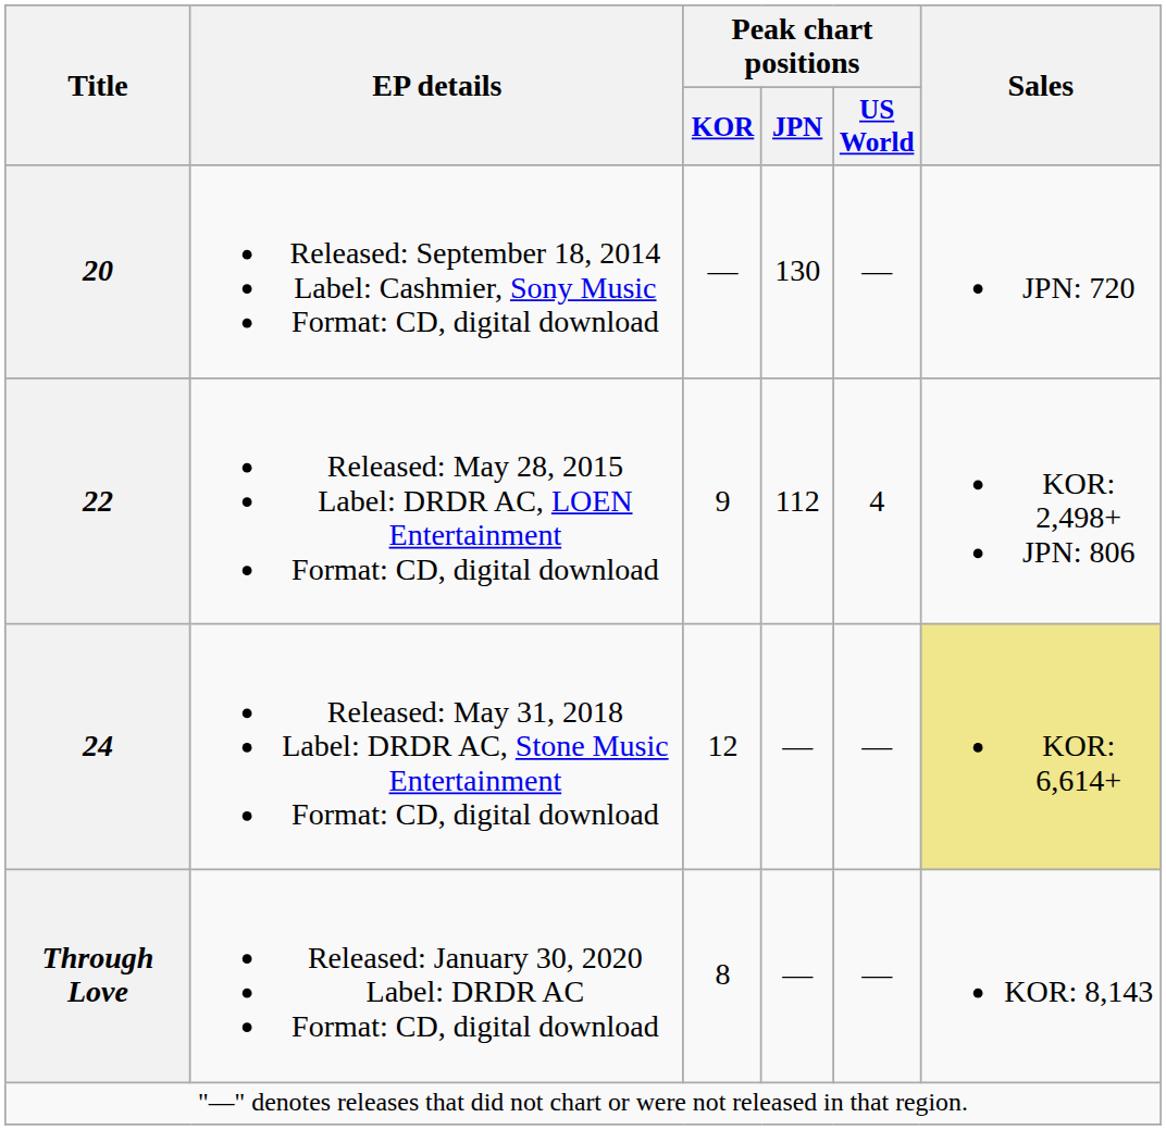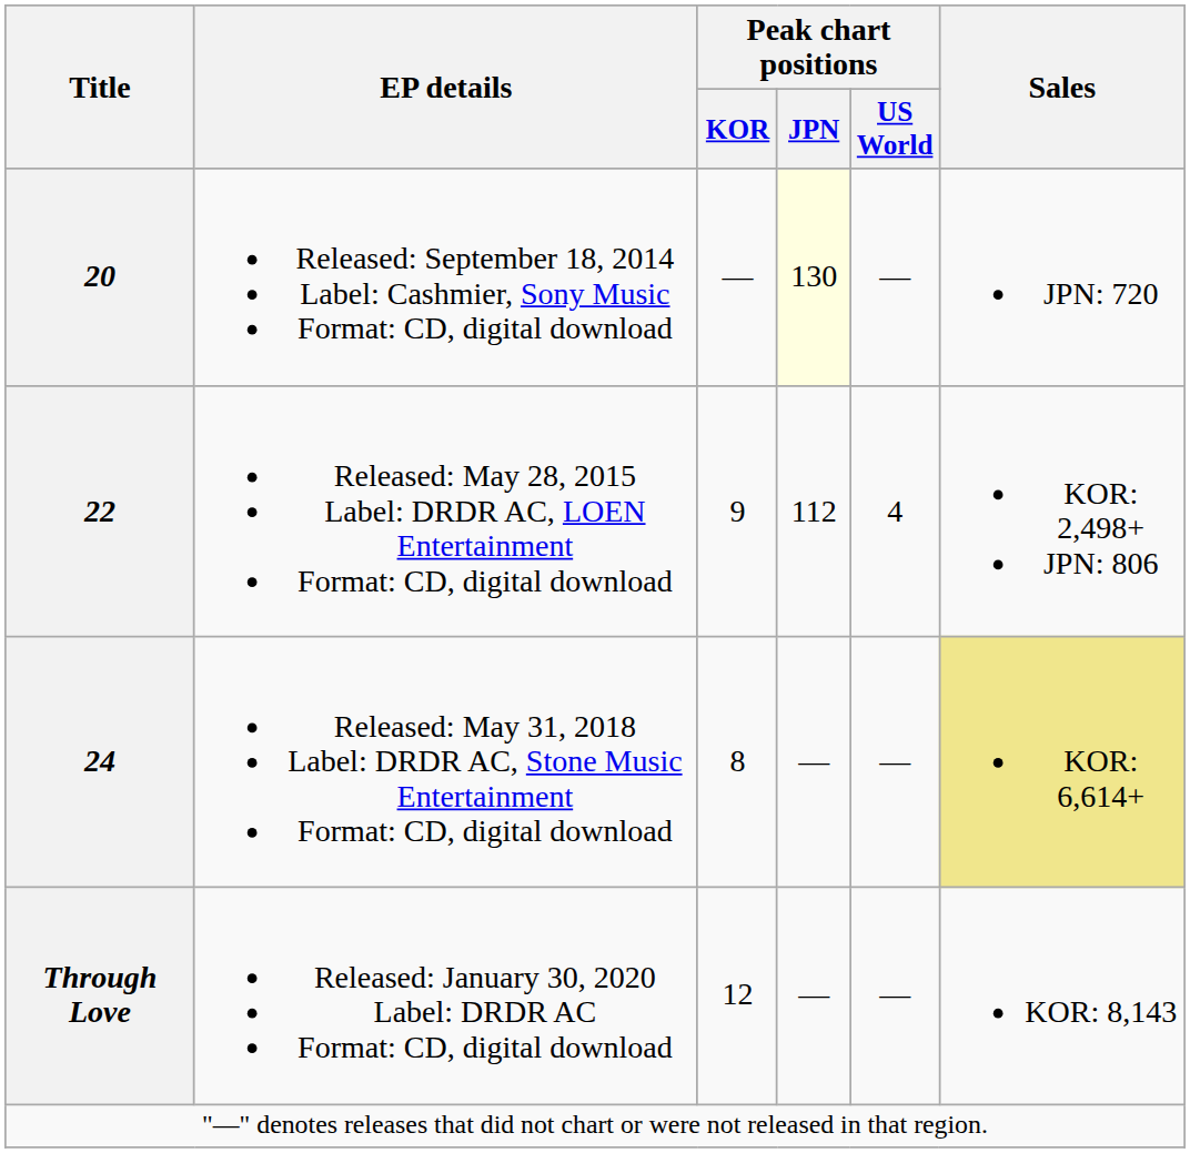 <table class="wikitable plainrowheaders" style="text-align:center;">
 <tr>
 <th scope="col" rowspan="2" style="width:8em;">Title</th>
 <th scope="col" rowspan="2" style="width:25em;">EP details</th>
 <th scope="col" colspan="3">Peak chart positions</th>
 <th scope="col" rowspan="2" style="width:10em;">Sales</th>
 </tr>
 <tr>
 <th scope="col" style="width:2.5em;font-size:90%;"><a href='#'>KOR</a><br></th>
 <th scope="col" style="width:2.5em;font-size:90%;"><a href='#'>JPN</a><br></th>
 <th scope="col" style="width:2.5em;font-size:90%;"><a href='#'>US World</a><br></th>
 </tr>
 <tr>
 <th scope="row"><em>20</em></th>
 <td><br><ul><li>Released: September 18, 2014</li><li>Label: Cashmier, <a href='#'>Sony Music</a></li><li>Format: CD, digital download</li></ul></td>
 <td>—</td>
-<td>130</td>
+<td style="background: lightyellow;">130</td>
 <td>—</td>
 <td><br><ul><li>JPN: 720</li></ul></td>
 </tr>
 <tr>
 <th scope="row"><em>22</em></th>
 <td><br><ul><li>Released: May 28, 2015</li><li>Label: DRDR AC, <a href='#'>LOEN Entertainment</a></li><li>Format: CD, digital download</li></ul></td>
 <td>9</td>
 <td>112</td>
 <td>4</td>
 <td><br><ul><li>KOR: 2,498+</li><li>JPN: 806</li></ul></td>
 </tr>
 <tr>
 <th scope="row"><em>24</em></th>
 <td><br><ul><li>Released: May 31, 2018</li><li>Label: DRDR AC, <a href='#'>Stone Music Entertainment</a></li><li>Format: CD, digital download</li></ul></td>
-<td>12</td>
+<td>8</td>
 <td>—</td>
 <td>—</td>
 <td style="background: khaki;"><br><ul><li>KOR: 6,614+</li></ul></td>
 </tr>
 <tr>
 <th scope="row"><em>Through Love</em></th>
 <td><br><ul><li>Released: January 30, 2020</li><li>Label: DRDR AC</li><li>Format: CD, digital download</li></ul></td>
-<td>8</td>
+<td>12</td>
 <td>—</td>
 <td>—</td>
 <td><br><ul><li>KOR: 8,143</li></ul></td>
 </tr>
 <tr>
 <td colspan="6" style="font-size:85%">"—" denotes releases that did not chart or were not released in that region.</td>
 </tr>
 </table>
